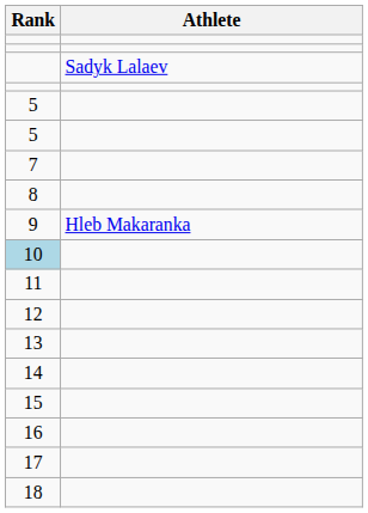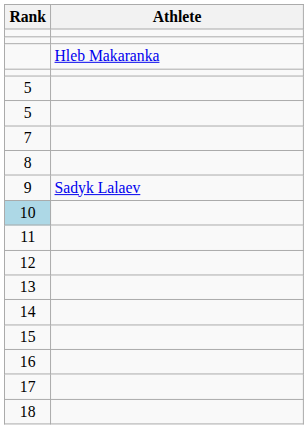 <table class="wikitable" style="text-align: center;">
 <tr>
 <th width=40>Rank</th>
 <th width=250>Athlete</th>
 </tr>
 <tr>
 <td></td>
 <td align="left"></td>
 </tr>
 <tr>
 <td></td>
 <td align="left"></td>
 </tr>
 <tr>
 <td></td>
-<td align="left"> <a href='#'>Sadyk Lalaev</a> </td>
+<td align="left"> <a href='#'>Hleb Makaranka</a> </td>
 </tr>
 <tr>
 <td></td>
 <td align="left"></td>
 </tr>
 <tr>
 <td>5</td>
 <td align="left"></td>
 </tr>
 <tr>
 <td>5</td>
 <td align="left"></td>
 </tr>
 <tr>
 <td>7</td>
 <td align="left"></td>
 </tr>
 <tr>
 <td>8</td>
 <td align="left"></td>
 </tr>
 <tr>
 <td>9</td>
-<td align="left"> <a href='#'>Hleb Makaranka</a> </td>
+<td align="left"> <a href='#'>Sadyk Lalaev</a> </td>
 </tr>
 <tr>
 <td style="background: lightblue;">10</td>
 <td align="left"></td>
 </tr>
 <tr>
 <td>11</td>
 <td align="left"></td>
 </tr>
 <tr>
 <td>12</td>
 <td align="left"></td>
 </tr>
 <tr>
 <td>13</td>
 <td align="left"></td>
 </tr>
 <tr>
 <td>14</td>
 <td align="left"></td>
 </tr>
 <tr>
 <td>15</td>
 <td align="left"></td>
 </tr>
 <tr>
 <td>16</td>
 <td align="left"></td>
 </tr>
 <tr>
 <td>17</td>
 <td align="left"></td>
 </tr>
 <tr>
 <td>18</td>
 <td align="left"></td>
 </tr>
 </table>
